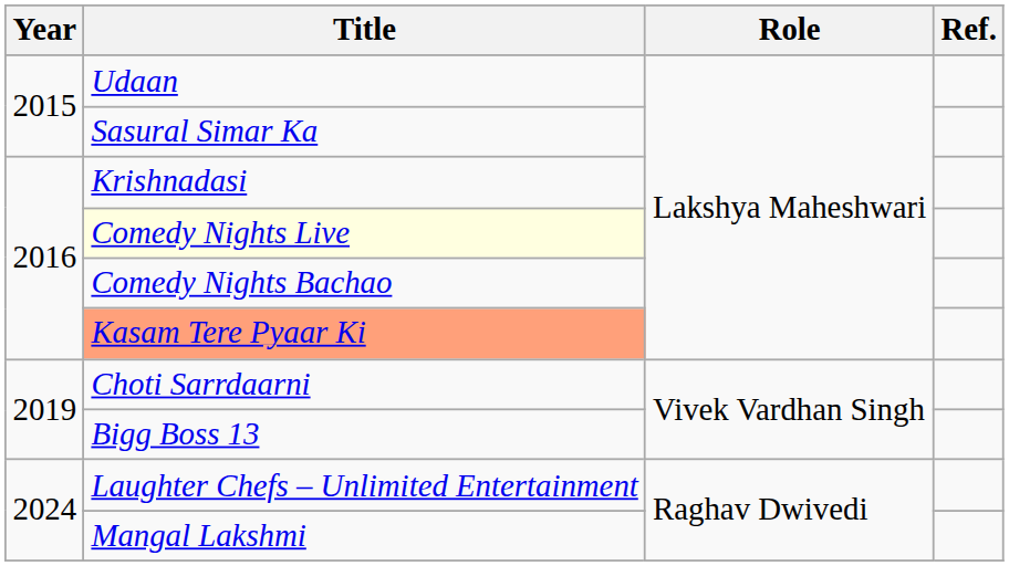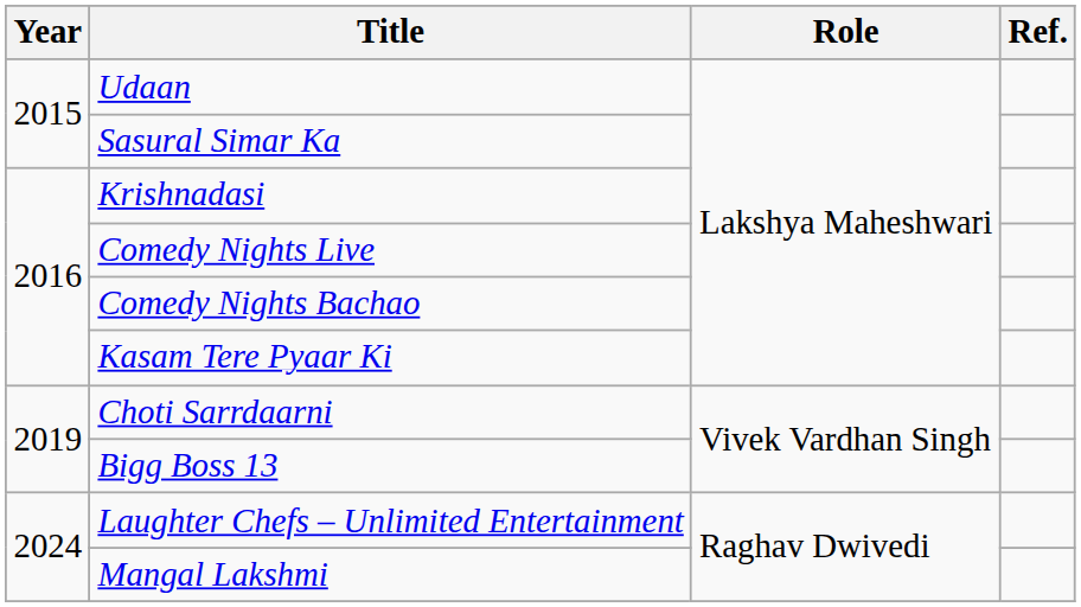 <table class="wikitable sortable">
 <tr>
 <th>Year</th>
 <th>Title</th>
 <th>Role</th>
 <th class="unsortable">Ref.</th>
 </tr>
 <tr>
 <td rowspan="2">2015</td>
 <td><em><a href='#'>Udaan</a></em></td>
 <td rowspan="6">Lakshya Maheshwari</td>
 <td></td>
 </tr>
 <tr>
 <td><em><a href='#'>Sasural Simar Ka</a></em></td>
 <td></td>
 </tr>
 <tr>
 <td rowspan="4">2016</td>
 <td><em><a href='#'>Krishnadasi</a></em></td>
 <td></td>
 </tr>
 <tr>
-<td style="background: lightyellow;"><em><a href='#'>Comedy Nights Live</a></em></td>
+<td><em><a href='#'>Comedy Nights Live</a></em></td>
 <td></td>
 </tr>
 <tr>
 <td><em><a href='#'>Comedy Nights Bachao</a></em></td>
 <td></td>
 </tr>
 <tr>
-<td style="background: lightsalmon;"><em><a href='#'>Kasam Tere Pyaar Ki</a></em></td>
+<td><em><a href='#'>Kasam Tere Pyaar Ki</a></em></td>
 <td></td>
 </tr>
 <tr>
 <td rowspan="2">2019</td>
 <td><em><a href='#'>Choti Sarrdaarni</a></em></td>
 <td rowspan="2">Vivek Vardhan Singh</td>
 <td></td>
 </tr>
 <tr>
 <td><em><a href='#'>Bigg Boss 13</a></em></td>
 <td></td>
 </tr>
 <tr>
 <td rowspan="2">2024</td>
 <td><em><a href='#'>Laughter Chefs – Unlimited Entertainment</a></em></td>
 <td rowspan="2">Raghav Dwivedi</td>
 <td></td>
 </tr>
 <tr>
 <td><em><a href='#'>Mangal Lakshmi</a></em></td>
 <td></td>
 </tr>
 </table>
